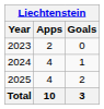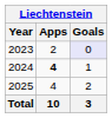 <table class="wikitable" style="text-align:center">
 <tr>
 <th colspan="3"><a href='#'>Liechtenstein</a></th>
 </tr>
 <tr>
 <th>Year</th>
 <th>Apps</th>
 <th>Goals</th>
 </tr>
 <tr>
 <td>2023</td>
 <td>2</td>
-<td>0</td>
+<td style="background: lavender;">0</td>
 </tr>
 <tr>
 <td>2024</td>
-<td>4</td>
+<td><strong>4</strong></td>
 <td>1</td>
 </tr>
 <tr>
 <td>2025</td>
 <td>4</td>
 <td>2</td>
 </tr>
 <tr>
 <th colspan="1">Total</th>
 <th>10</th>
 <th>3</th>
 </tr>
 </table>
